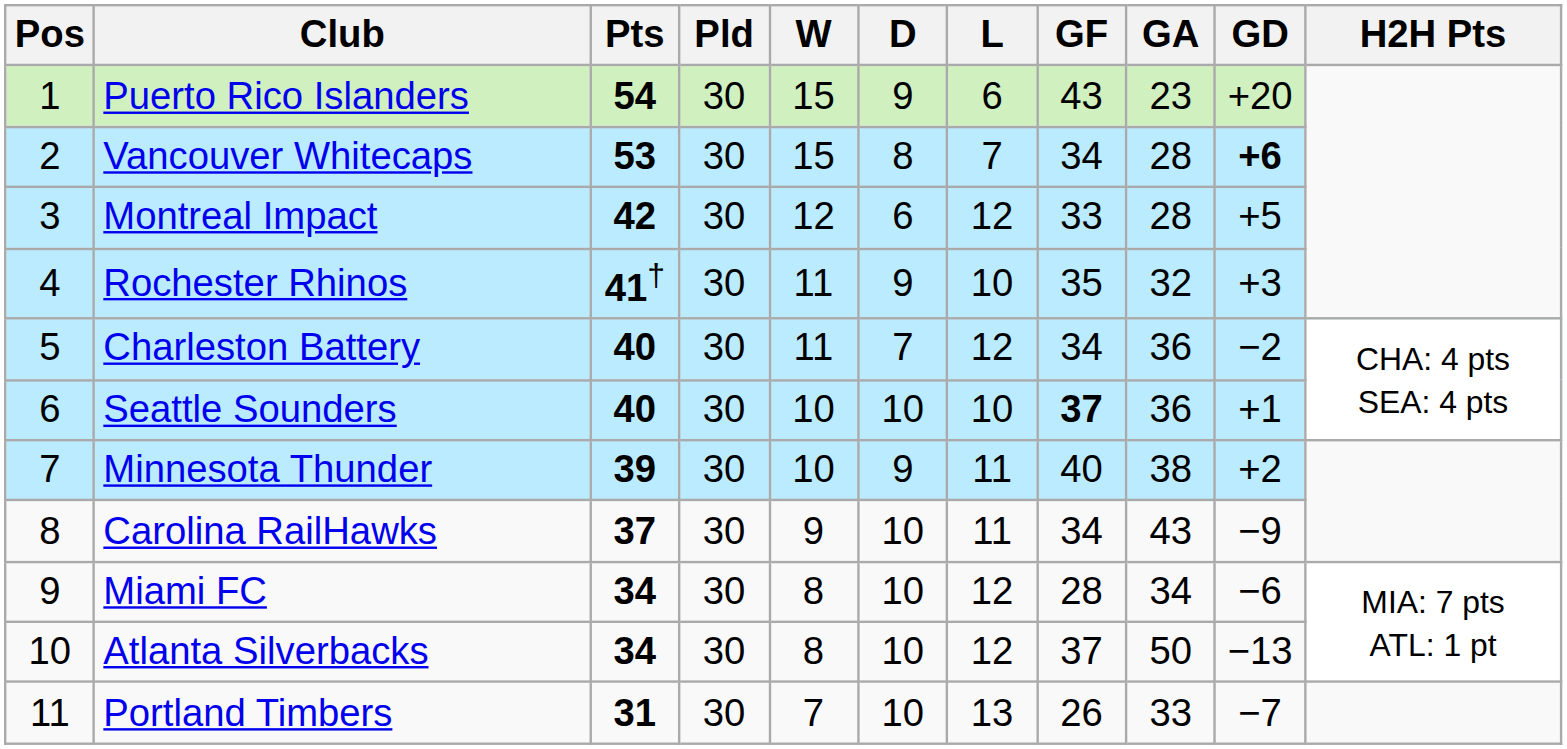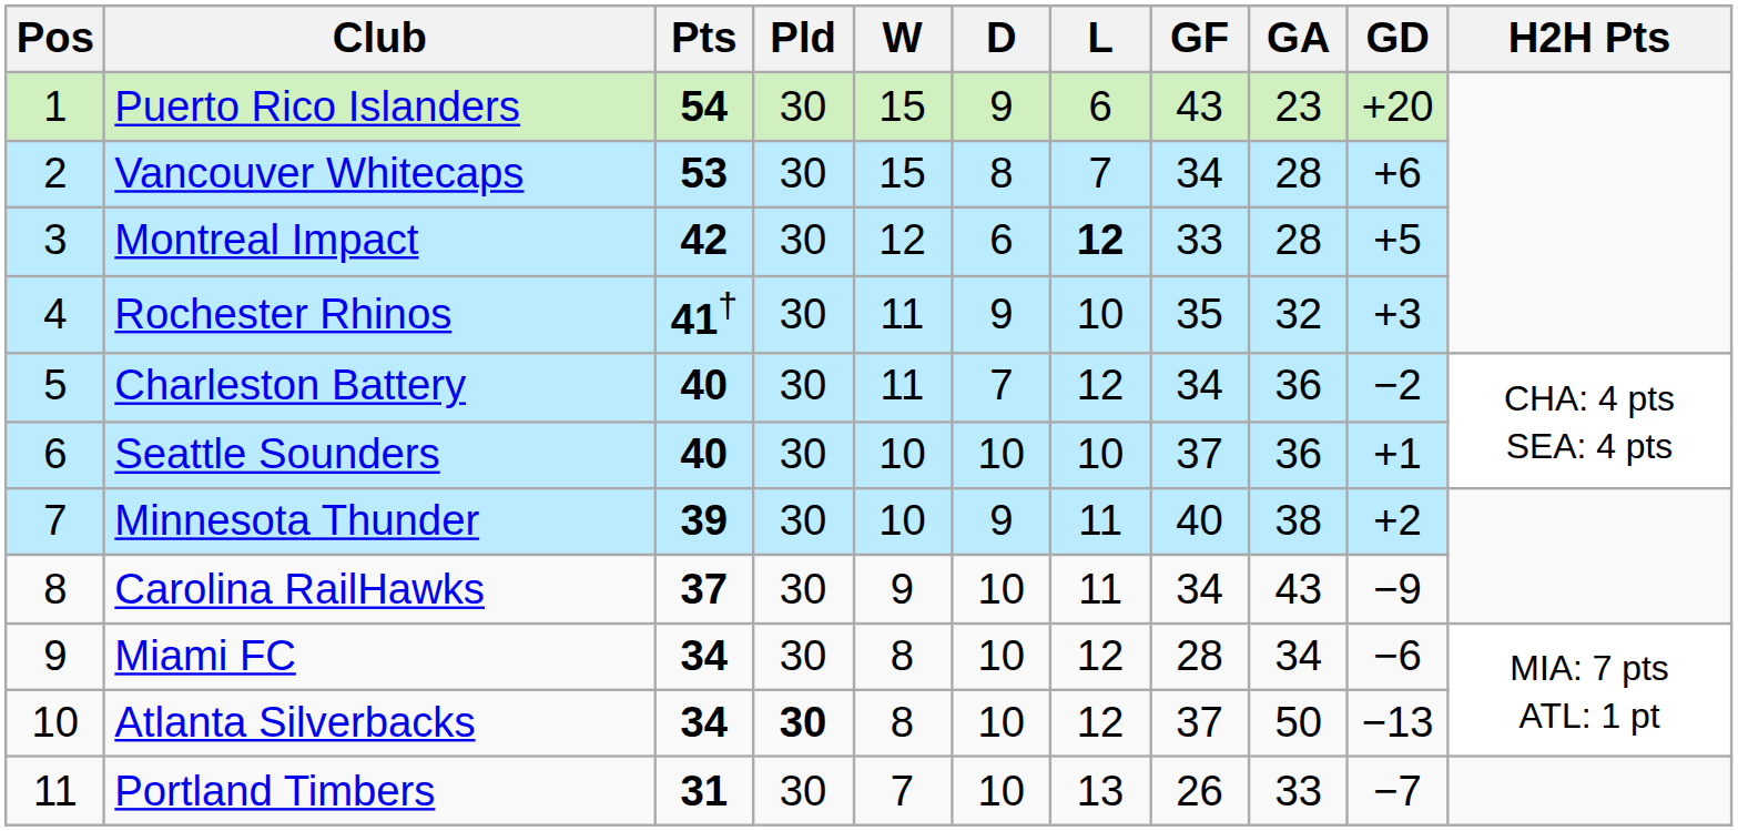 <table class="wikitable" style="text-align:center">
 <tr>
 <th width=30>Pos</th>
 <th width=200>Club</th>
 <th width=30>Pts</th>
 <th width=30>Pld</th>
 <th width=30>W</th>
 <th width=30>D</th>
 <th width=30>L</th>
 <th width=30>GF</th>
 <th width=30>GA</th>
 <th width=30>GD</th>
 <th width=100>H2H Pts</th>
 </tr>
 <tr bgcolor=#D0F0C0>
 <td>1</td>
 <td align=left><a href='#'>Puerto Rico Islanders</a></td>
 <td><strong>54</strong></td>
 <td>30</td>
 <td>15</td>
 <td>9</td>
 <td>6</td>
 <td>43</td>
 <td>23</td>
 <td>+20</td>
 </tr>
 <tr bgcolor=#BBEBFF>
 <td>2</td>
 <td align=left><a href='#'>Vancouver Whitecaps</a></td>
 <td><strong>53</strong></td>
 <td>30</td>
 <td>15</td>
 <td>8</td>
 <td>7</td>
 <td>34</td>
 <td>28</td>
-<td><strong>+6</strong></td>
+<td>+6</td>
 </tr>
 <tr bgcolor=#BBEBFF>
 <td>3</td>
 <td align=left><a href='#'>Montreal Impact</a></td>
 <td><strong>42</strong></td>
 <td>30</td>
 <td>12</td>
 <td>6</td>
-<td>12</td>
+<td><strong>12</strong></td>
 <td>33</td>
 <td>28</td>
 <td>+5</td>
 </tr>
 <tr bgcolor=#BBEBFF>
 <td>4</td>
 <td align=left><a href='#'>Rochester Rhinos</a></td>
 <td><strong>41</strong><sup>†</sup></td>
 <td>30</td>
 <td>11</td>
 <td>9</td>
 <td>10</td>
 <td>35</td>
 <td>32</td>
 <td>+3</td>
 </tr>
 <tr bgcolor=#BBEBFF>
 <td>5</td>
 <td align=left><a href='#'>Charleston Battery</a></td>
 <td><strong>40</strong></td>
 <td>30</td>
 <td>11</td>
 <td>7</td>
 <td>12</td>
 <td>34</td>
 <td>36</td>
 <td>−2</td>
 <td rowspan="2" bgcolor="FFFFFF"><small>CHA: 4 pts<br>SEA: 4 pts</small></td>
 </tr>
 <tr bgcolor=#BBEBFF>
 <td>6</td>
 <td align=left><a href='#'>Seattle Sounders</a></td>
 <td><strong>40</strong></td>
 <td>30</td>
 <td>10</td>
 <td>10</td>
 <td>10</td>
-<td><strong>37</strong></td>
+<td>37</td>
 <td>36</td>
 <td>+1</td>
 </tr>
 <tr bgcolor=#BBEBFF>
 <td>7</td>
 <td align=left><a href='#'>Minnesota Thunder</a></td>
 <td><strong>39</strong></td>
 <td>30</td>
 <td>10</td>
 <td>9</td>
 <td>11</td>
 <td>40</td>
 <td>38</td>
 <td>+2</td>
 </tr>
 <tr>
 <td>8</td>
 <td align=left><a href='#'>Carolina RailHawks</a></td>
 <td><strong>37</strong></td>
 <td>30</td>
 <td>9</td>
 <td>10</td>
 <td>11</td>
 <td>34</td>
 <td>43</td>
 <td>−9</td>
 </tr>
 <tr>
 <td>9</td>
 <td align=left><a href='#'>Miami FC</a></td>
 <td><strong>34</strong></td>
 <td>30</td>
 <td>8</td>
 <td>10</td>
 <td>12</td>
 <td>28</td>
 <td>34</td>
 <td>−6</td>
 <td rowspan="2" bgcolor="FFFFFF"><small>MIA: 7 pts<br>ATL: 1 pt</small></td>
 </tr>
 <tr>
 <td>10</td>
 <td align=left><a href='#'>Atlanta Silverbacks</a></td>
 <td><strong>34</strong></td>
-<td>30</td>
+<td><strong>30</strong></td>
 <td>8</td>
 <td>10</td>
 <td>12</td>
 <td>37</td>
 <td>50</td>
 <td>−13</td>
 </tr>
 <tr>
 <td>11</td>
 <td align=left><a href='#'>Portland Timbers</a></td>
 <td><strong>31</strong></td>
 <td>30</td>
 <td>7</td>
 <td>10</td>
 <td>13</td>
 <td>26</td>
 <td>33</td>
 <td>−7</td>
 </tr>
 </table>
